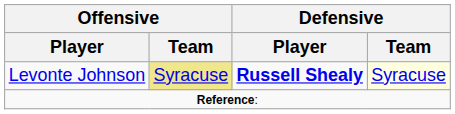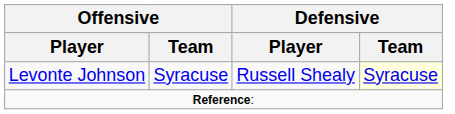 <table class="wikitable" style="text-align: center;">
 <tr>
 <th colspan="2">Offensive</th>
 <th colspan="2">Defensive</th>
 </tr>
 <tr>
 <th>Player</th>
 <th>Team</th>
 <th>Player</th>
 <th>Team</th>
 </tr>
 <tr>
 <td><a href='#'>Levonte Johnson</a></td>
-<td style="background: khaki;"><a href='#'>Syracuse</a></td>
-<td><strong><a href='#'>Russell Shealy</a></strong></td>
+<td><a href='#'>Syracuse</a></td>
+<td><a href='#'>Russell Shealy</a></td>
 <td style="background: lightyellow;"><a href='#'>Syracuse</a></td>
 </tr>
 <tr>
 <td colspan="4"  style="font-size:8pt; text-align:center;"><strong>Reference</strong>:</td>
 </tr>
 </table>
